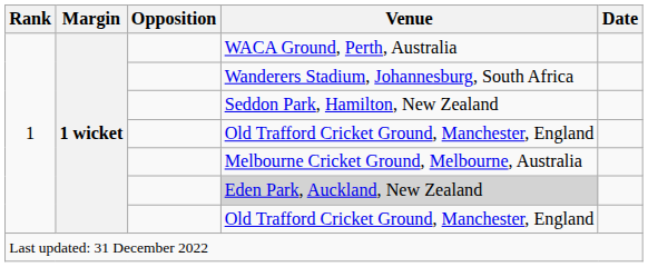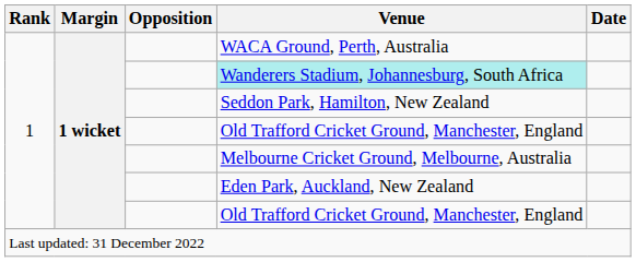 <table class="wikitable plainrowheaders sortable">
 <tr>
 <th scope=col>Rank</th>
 <th scope=col>Margin</th>
 <th scope=col>Opposition</th>
 <th scope=col>Venue</th>
 <th scope=col>Date</th>
 </tr>
 <tr>
 <td align=center rowspan=7>1</td>
 <th scope=row style=text-align:center; rowspan=7>1 wicket</th>
 <td></td>
 <td><a href='#'>WACA Ground</a>, <a href='#'>Perth</a>, Australia</td>
 <td><a href='#'></a></td>
 </tr>
 <tr>
 <td></td>
-<td><a href='#'>Wanderers Stadium</a>, <a href='#'>Johannesburg</a>, South Africa</td>
+<td style="background: paleturquoise;"><a href='#'>Wanderers Stadium</a>, <a href='#'>Johannesburg</a>, South Africa</td>
 <td><a href='#'></a></td>
 </tr>
 <tr>
 <td></td>
 <td><a href='#'>Seddon Park</a>, <a href='#'>Hamilton</a>, New Zealand</td>
 <td><a href='#'></a></td>
 </tr>
 <tr>
 <td></td>
 <td><a href='#'>Old Trafford Cricket Ground</a>, <a href='#'>Manchester</a>, England</td>
 <td><a href='#'></a></td>
 </tr>
 <tr>
 <td></td>
 <td><a href='#'>Melbourne Cricket Ground</a>, <a href='#'>Melbourne</a>, Australia</td>
 <td><a href='#'></a></td>
 </tr>
 <tr>
 <td></td>
-<td style="background: lightgrey;"><a href='#'>Eden Park</a>, <a href='#'>Auckland</a>, New Zealand</td>
+<td><a href='#'>Eden Park</a>, <a href='#'>Auckland</a>, New Zealand</td>
 <td><a href='#'></a></td>
 </tr>
 <tr>
 <td></td>
 <td><a href='#'>Old Trafford Cricket Ground</a>, <a href='#'>Manchester</a>, England</td>
 <td><a href='#'></a></td>
 </tr>
 <tr class=sortbottom>
 <td colspan=5><small>Last updated: 31 December 2022</small></td>
 </tr>
 </table>
